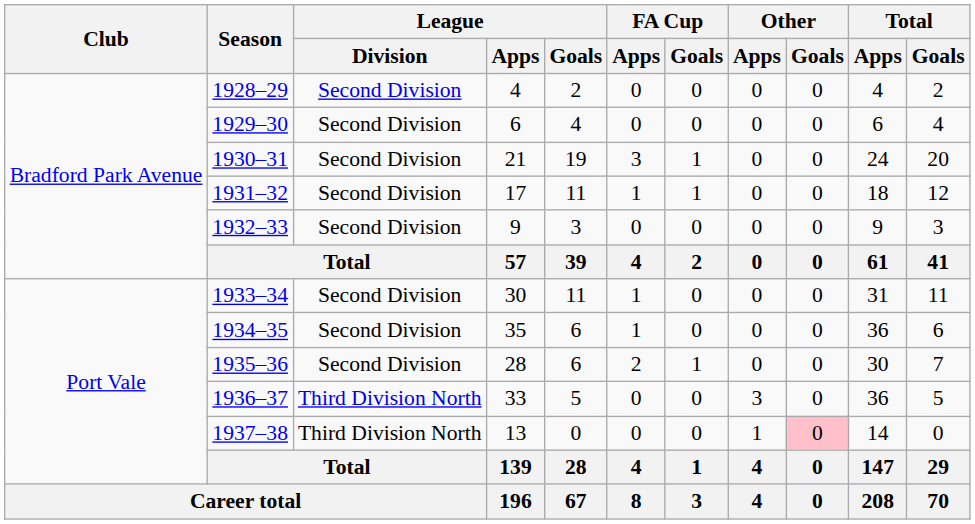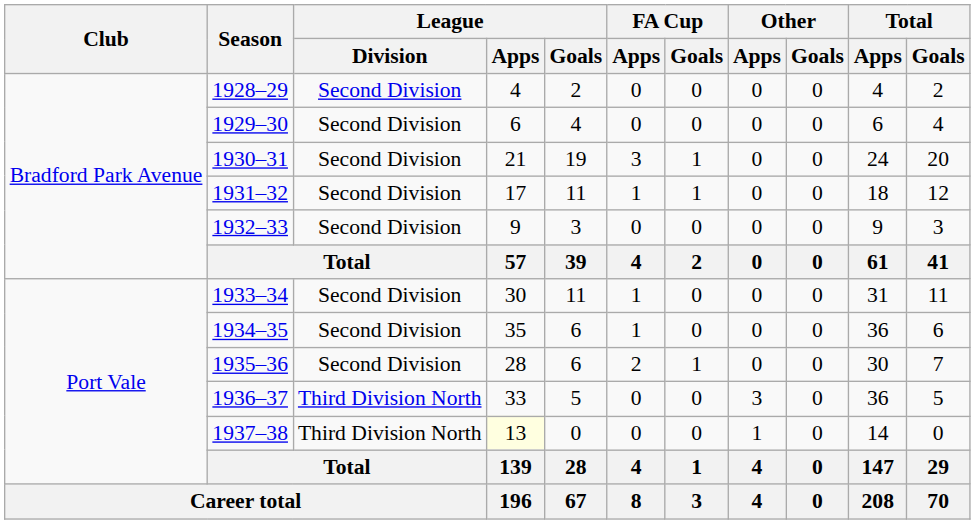 <table class="wikitable" style="text-align: center;">
 <tr>
 <th rowspan="2">Club</th>
 <th rowspan="2">Season</th>
 <th colspan="3">League</th>
 <th colspan="2">FA Cup</th>
 <th colspan="2">Other</th>
 <th colspan="2">Total</th>
 </tr>
 <tr>
 <th>Division</th>
 <th>Apps</th>
 <th>Goals</th>
 <th>Apps</th>
 <th>Goals</th>
 <th>Apps</th>
 <th>Goals</th>
 <th>Apps</th>
 <th>Goals</th>
 </tr>
 <tr>
 <td rowspan="6"><a href='#'>Bradford Park Avenue</a></td>
 <td><a href='#'>1928–29</a></td>
 <td><a href='#'>Second Division</a></td>
 <td>4</td>
 <td>2</td>
 <td>0</td>
 <td>0</td>
 <td>0</td>
 <td>0</td>
 <td>4</td>
 <td>2</td>
 </tr>
 <tr>
 <td><a href='#'>1929–30</a></td>
 <td>Second Division</td>
 <td>6</td>
 <td>4</td>
 <td>0</td>
 <td>0</td>
 <td>0</td>
 <td>0</td>
 <td>6</td>
 <td>4</td>
 </tr>
 <tr>
 <td><a href='#'>1930–31</a></td>
 <td>Second Division</td>
 <td>21</td>
 <td>19</td>
 <td>3</td>
 <td>1</td>
 <td>0</td>
 <td>0</td>
 <td>24</td>
 <td>20</td>
 </tr>
 <tr>
 <td><a href='#'>1931–32</a></td>
 <td>Second Division</td>
 <td>17</td>
 <td>11</td>
 <td>1</td>
 <td>1</td>
 <td>0</td>
 <td>0</td>
 <td>18</td>
 <td>12</td>
 </tr>
 <tr>
 <td><a href='#'>1932–33</a></td>
 <td>Second Division</td>
 <td>9</td>
 <td>3</td>
 <td>0</td>
 <td>0</td>
 <td>0</td>
 <td>0</td>
 <td>9</td>
 <td>3</td>
 </tr>
 <tr>
 <th colspan="2">Total</th>
 <th>57</th>
 <th>39</th>
 <th>4</th>
 <th>2</th>
 <th>0</th>
 <th>0</th>
 <th>61</th>
 <th>41</th>
 </tr>
 <tr>
 <td rowspan="6"><a href='#'>Port Vale</a></td>
 <td><a href='#'>1933–34</a></td>
 <td>Second Division</td>
 <td>30</td>
 <td>11</td>
 <td>1</td>
 <td>0</td>
 <td>0</td>
 <td>0</td>
 <td>31</td>
 <td>11</td>
 </tr>
 <tr>
 <td><a href='#'>1934–35</a></td>
 <td>Second Division</td>
 <td>35</td>
 <td>6</td>
 <td>1</td>
 <td>0</td>
 <td>0</td>
 <td>0</td>
 <td>36</td>
 <td>6</td>
 </tr>
 <tr>
 <td><a href='#'>1935–36</a></td>
 <td>Second Division</td>
 <td>28</td>
 <td>6</td>
 <td>2</td>
 <td>1</td>
 <td>0</td>
 <td>0</td>
 <td>30</td>
 <td>7</td>
 </tr>
 <tr>
 <td><a href='#'>1936–37</a></td>
 <td><a href='#'>Third Division North</a></td>
 <td>33</td>
 <td>5</td>
 <td>0</td>
 <td>0</td>
 <td>3</td>
 <td>0</td>
 <td>36</td>
 <td>5</td>
 </tr>
 <tr>
 <td><a href='#'>1937–38</a></td>
 <td>Third Division North</td>
-<td>13</td>
+<td style="background: lightyellow;">13</td>
 <td>0</td>
 <td>0</td>
 <td>0</td>
 <td>1</td>
-<td style="background: pink;">0</td>
+<td>0</td>
 <td>14</td>
 <td>0</td>
 </tr>
 <tr>
 <th colspan="2">Total</th>
 <th>139</th>
 <th>28</th>
 <th>4</th>
 <th>1</th>
 <th>4</th>
 <th>0</th>
 <th>147</th>
 <th>29</th>
 </tr>
 <tr>
 <th colspan="3">Career total</th>
 <th>196</th>
 <th>67</th>
 <th>8</th>
 <th>3</th>
 <th>4</th>
 <th>0</th>
 <th>208</th>
 <th>70</th>
 </tr>
 </table>
